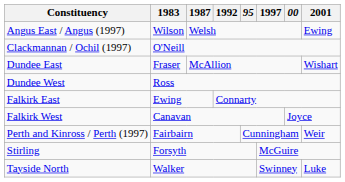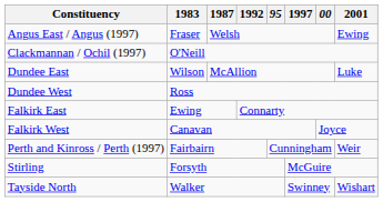 <table class="wikitable">
 <tr>
 <th>Constituency</th>
 <th>1983</th>
 <th>1987</th>
 <th>1992</th>
 <th><em>95</em></th>
 <th>1997</th>
 <th><em>00</em></th>
 <th>2001</th>
 </tr>
 <tr>
 <td><a href='#'>Angus East</a> / <a href='#'>Angus</a> (1997)</td>
-<td><a href='#'>Wilson</a></td>
+<td><a href='#'>Fraser</a></td>
 <td colspan="5"><a href='#'>Welsh</a></td>
 <td><a href='#'>Ewing</a></td>
 </tr>
 <tr>
 <td><a href='#'>Clackmannan</a> / <a href='#'>Ochil</a> (1997)</td>
 <td colspan="7"><a href='#'>O'Neill</a></td>
 </tr>
 <tr>
 <td><a href='#'>Dundee East</a></td>
-<td><a href='#'>Fraser</a></td>
+<td><a href='#'>Wilson</a></td>
 <td colspan="5"><a href='#'>McAllion</a></td>
-<td><a href='#'>Wishart</a></td>
+<td><a href='#'>Luke</a></td>
 </tr>
 <tr>
 <td><a href='#'>Dundee West</a></td>
 <td colspan="7"><a href='#'>Ross</a></td>
 </tr>
 <tr>
 <td><a href='#'>Falkirk East</a></td>
 <td colspan="2"><a href='#'>Ewing</a></td>
 <td colspan="5"><a href='#'>Connarty</a></td>
 </tr>
 <tr>
 <td><a href='#'>Falkirk West</a></td>
 <td colspan="5"><a href='#'>Canavan</a></td>
 <td colspan="2"><a href='#'>Joyce</a></td>
 </tr>
 <tr>
 <td><a href='#'>Perth and Kinross</a> / <a href='#'>Perth</a> (1997)</td>
 <td colspan="3"><a href='#'>Fairbairn</a></td>
 <td colspan="3"><a href='#'>Cunningham</a></td>
 <td><a href='#'>Weir</a></td>
 </tr>
 <tr>
 <td><a href='#'>Stirling</a></td>
 <td colspan="4"><a href='#'>Forsyth</a></td>
 <td colspan="3"><a href='#'>McGuire</a></td>
 </tr>
 <tr>
 <td><a href='#'>Tayside North</a></td>
 <td colspan="4"><a href='#'>Walker</a></td>
 <td colspan="2"><a href='#'>Swinney</a></td>
-<td><a href='#'>Luke</a></td>
+<td><a href='#'>Wishart</a></td>
 </tr>
 </table>
